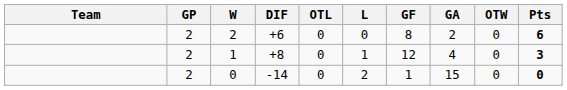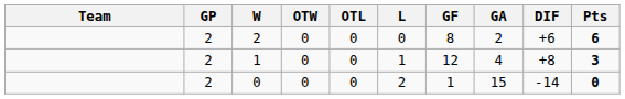 <table class="wikitable" style="text-align:center;">
 <tr>
 <th width=165>Team</th>
 <th width=40>GP</th>
 <th width=40>W</th>
-<th width=40>DIF</th>
+<th width=40>OTW</th>
 <th width=40>OTL</th>
 <th width=40>L</th>
 <th width=40>GF</th>
 <th width=40>GA</th>
-<th width=40>OTW</th>
+<th width=40>DIF</th>
 <th width=40>Pts</th>
 </tr>
 <tr>
 <td style="text-align:left;"></td>
 <td>2</td>
 <td>2</td>
-<td>+6</td>
+<td>0</td>
 <td>0</td>
 <td>0</td>
 <td>8</td>
 <td>2</td>
-<td>0</td>
+<td>+6</td>
 <td><strong>6</strong></td>
 </tr>
 <tr>
 <td style="text-align:left;"></td>
 <td>2</td>
 <td>1</td>
-<td>+8</td>
+<td>0</td>
 <td>0</td>
 <td>1</td>
 <td>12</td>
 <td>4</td>
-<td>0</td>
+<td>+8</td>
 <td><strong>3</strong></td>
 </tr>
 <tr>
 <td style="text-align:left;"></td>
 <td>2</td>
 <td>0</td>
-<td>-14</td>
+<td>0</td>
 <td>0</td>
 <td>2</td>
 <td>1</td>
 <td>15</td>
-<td>0</td>
+<td>-14</td>
 <td><strong>0</strong></td>
 </tr>
 </table>
